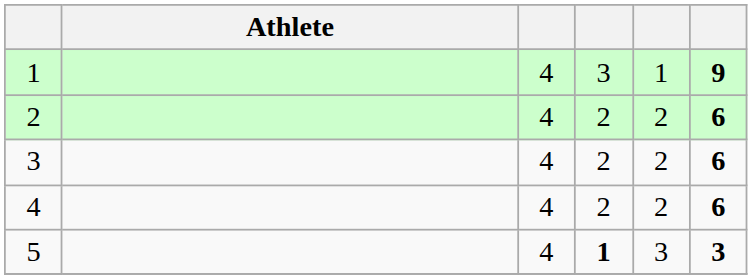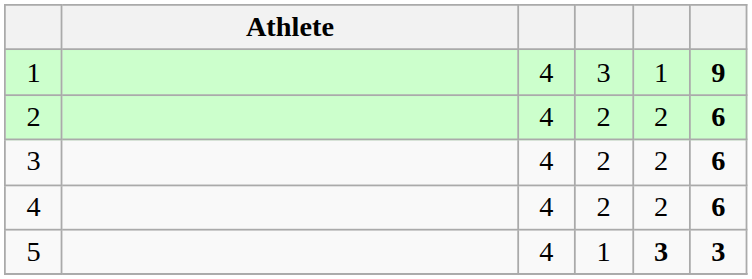 <table class="wikitable" style="text-align: center; font-size:100% ">
 <tr>
 <th width=25></th>
 <th width=250>Athlete</th>
 <th width=25></th>
 <th width=25></th>
 <th width=25></th>
 <th width=25></th>
 </tr>
 <tr bgcolor="ccffcc">
 <td>1</td>
 <td align=left></td>
 <td>4</td>
 <td>3</td>
 <td>1</td>
 <td><strong>9</strong></td>
 </tr>
 <tr bgcolor="ccffcc">
 <td>2</td>
 <td align=left></td>
 <td>4</td>
 <td>2</td>
 <td>2</td>
 <td><strong>6</strong></td>
 </tr>
 <tr>
 <td>3</td>
 <td align=left></td>
 <td>4</td>
 <td>2</td>
 <td>2</td>
 <td><strong>6</strong></td>
 </tr>
 <tr>
 <td>4</td>
 <td align=left></td>
 <td>4</td>
 <td>2</td>
 <td>2</td>
 <td><strong>6</strong></td>
 </tr>
 <tr>
 <td>5</td>
 <td align=left></td>
 <td>4</td>
-<td><strong>1</strong></td>
-<td>3</td>
+<td>1</td>
+<td><strong>3</strong></td>
 <td><strong>3</strong></td>
 </tr>
 <tr>
 </tr>
 </table>
